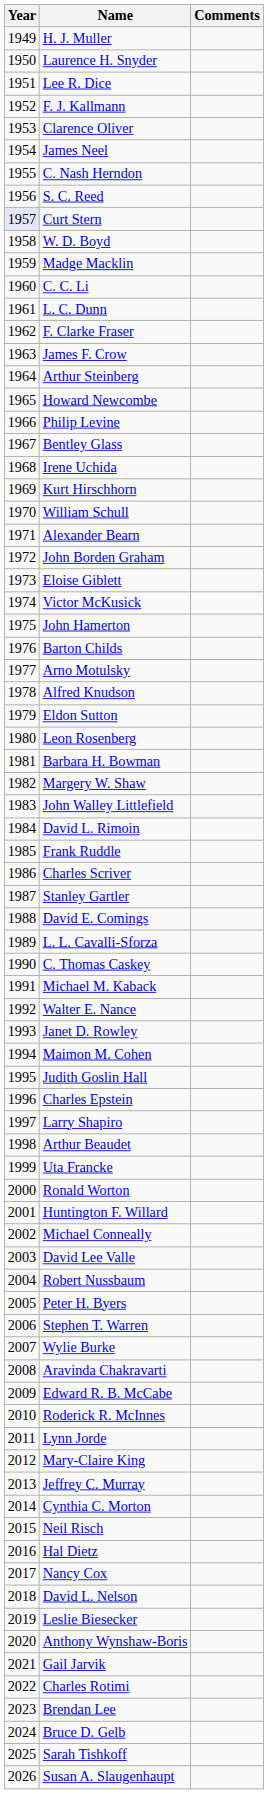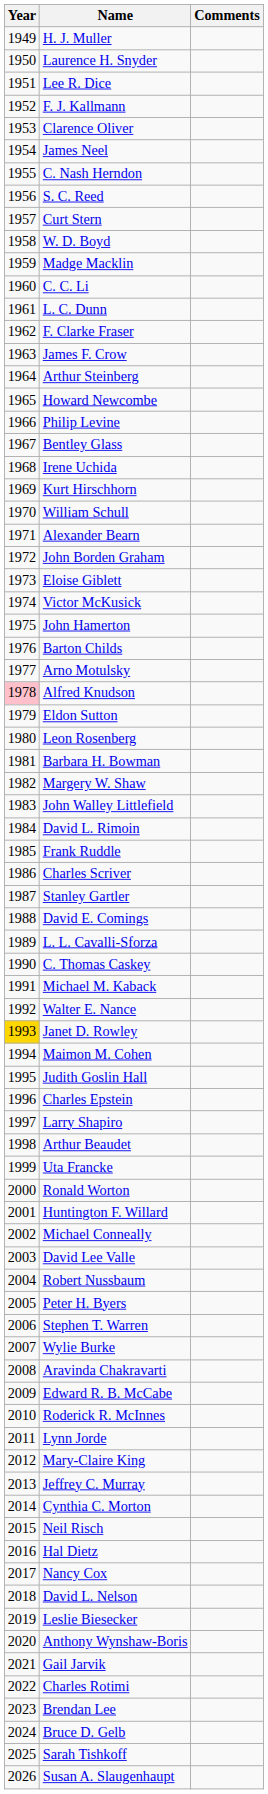 <table class="wikitable">
 <tr>
 <th>Year</th>
 <th>Name</th>
 <th>Comments</th>
 </tr>
 <tr>
 <td>1949</td>
 <td><a href='#'>H. J. Muller</a></td>
 <td></td>
 </tr>
 <tr>
 <td>1950</td>
 <td><a href='#'>Laurence H. Snyder</a></td>
 <td></td>
 </tr>
 <tr>
 <td>1951</td>
 <td><a href='#'>Lee R. Dice</a></td>
 <td></td>
 </tr>
 <tr>
 <td>1952</td>
 <td><a href='#'>F. J. Kallmann</a></td>
 <td></td>
 </tr>
 <tr>
 <td>1953</td>
 <td><a href='#'>Clarence Oliver</a></td>
 <td></td>
 </tr>
 <tr>
 <td>1954</td>
 <td><a href='#'>James Neel</a></td>
 <td></td>
 </tr>
 <tr>
 <td>1955</td>
 <td><a href='#'>C. Nash Herndon</a></td>
 <td></td>
 </tr>
 <tr>
 <td>1956</td>
 <td><a href='#'>S. C. Reed</a></td>
 <td></td>
 </tr>
 <tr>
-<td style="background: lavender;">1957</td>
+<td>1957</td>
 <td><a href='#'>Curt Stern</a></td>
 <td></td>
 </tr>
 <tr>
 <td>1958</td>
 <td><a href='#'>W. D. Boyd</a></td>
 <td></td>
 </tr>
 <tr>
 <td>1959</td>
 <td><a href='#'>Madge Macklin</a></td>
 <td></td>
 </tr>
 <tr>
 <td>1960</td>
 <td><a href='#'>C. C. Li</a></td>
 <td></td>
 </tr>
 <tr>
 <td>1961</td>
 <td><a href='#'>L. C. Dunn</a></td>
 <td></td>
 </tr>
 <tr>
 <td>1962</td>
 <td><a href='#'>F. Clarke Fraser</a></td>
 <td></td>
 </tr>
 <tr>
 <td>1963</td>
 <td><a href='#'>James F. Crow</a></td>
 <td></td>
 </tr>
 <tr>
 <td>1964</td>
 <td><a href='#'>Arthur Steinberg</a></td>
 <td></td>
 </tr>
 <tr>
 <td>1965</td>
 <td><a href='#'>Howard Newcombe</a></td>
 <td></td>
 </tr>
 <tr>
 <td>1966</td>
 <td><a href='#'>Philip Levine</a></td>
 <td></td>
 </tr>
 <tr>
 <td>1967</td>
 <td><a href='#'>Bentley Glass</a></td>
 <td></td>
 </tr>
 <tr>
 <td>1968</td>
 <td><a href='#'>Irene Uchida</a></td>
 <td></td>
 </tr>
 <tr>
 <td>1969</td>
 <td><a href='#'>Kurt Hirschhorn</a></td>
 <td></td>
 </tr>
 <tr>
 <td>1970</td>
 <td><a href='#'>William Schull</a></td>
 <td></td>
 </tr>
 <tr>
 <td>1971</td>
 <td><a href='#'>Alexander Bearn</a></td>
 <td></td>
 </tr>
 <tr>
 <td>1972</td>
 <td><a href='#'>John Borden Graham</a></td>
 <td></td>
 </tr>
 <tr>
 <td>1973</td>
 <td><a href='#'>Eloise Giblett</a></td>
 <td></td>
 </tr>
 <tr>
 <td>1974</td>
 <td><a href='#'>Victor McKusick</a></td>
 <td></td>
 </tr>
 <tr>
 <td>1975</td>
 <td><a href='#'>John Hamerton</a></td>
 <td></td>
 </tr>
 <tr>
 <td>1976</td>
 <td><a href='#'>Barton Childs</a></td>
 <td></td>
 </tr>
 <tr>
 <td>1977</td>
 <td><a href='#'>Arno Motulsky</a></td>
 <td></td>
 </tr>
 <tr>
-<td>1978</td>
+<td style="background: pink;">1978</td>
 <td><a href='#'>Alfred Knudson</a></td>
 <td></td>
 </tr>
 <tr>
 <td>1979</td>
 <td><a href='#'>Eldon Sutton</a></td>
 <td></td>
 </tr>
 <tr>
 <td>1980</td>
 <td><a href='#'>Leon Rosenberg</a></td>
 <td></td>
 </tr>
 <tr>
 <td>1981</td>
 <td><a href='#'>Barbara H. Bowman</a></td>
 <td></td>
 </tr>
 <tr>
 <td>1982</td>
 <td><a href='#'>Margery W. Shaw</a></td>
 <td></td>
 </tr>
 <tr>
 <td>1983</td>
 <td><a href='#'>John Walley Littlefield</a></td>
 <td></td>
 </tr>
 <tr>
 <td>1984</td>
 <td><a href='#'>David L. Rimoin</a></td>
 <td></td>
 </tr>
 <tr>
 <td>1985</td>
 <td><a href='#'>Frank Ruddle</a></td>
 <td></td>
 </tr>
 <tr>
 <td>1986</td>
 <td><a href='#'>Charles Scriver</a></td>
 <td></td>
 </tr>
 <tr>
 <td>1987</td>
 <td><a href='#'>Stanley Gartler</a></td>
 <td></td>
 </tr>
 <tr>
 <td>1988</td>
 <td><a href='#'>David E. Comings</a></td>
 <td></td>
 </tr>
 <tr>
 <td>1989</td>
 <td><a href='#'>L. L. Cavalli-Sforza</a></td>
 <td></td>
 </tr>
 <tr>
 <td>1990</td>
 <td><a href='#'>C. Thomas Caskey</a></td>
 <td></td>
 </tr>
 <tr>
 <td>1991</td>
 <td><a href='#'>Michael M. Kaback</a></td>
 <td></td>
 </tr>
 <tr>
 <td>1992</td>
 <td><a href='#'>Walter E. Nance</a></td>
 <td></td>
 </tr>
 <tr>
-<td>1993</td>
+<td style="background: gold;">1993</td>
 <td><a href='#'>Janet D. Rowley</a></td>
 <td></td>
 </tr>
 <tr>
 <td>1994</td>
 <td><a href='#'>Maimon M. Cohen</a></td>
 <td></td>
 </tr>
 <tr>
 <td>1995</td>
 <td><a href='#'>Judith Goslin Hall</a></td>
 <td></td>
 </tr>
 <tr>
 <td>1996</td>
 <td><a href='#'>Charles Epstein</a></td>
 <td></td>
 </tr>
 <tr>
 <td>1997</td>
 <td><a href='#'>Larry Shapiro</a></td>
 <td></td>
 </tr>
 <tr>
 <td>1998</td>
 <td><a href='#'>Arthur Beaudet</a></td>
 <td></td>
 </tr>
 <tr>
 <td>1999</td>
 <td><a href='#'>Uta Francke</a></td>
 <td></td>
 </tr>
 <tr>
 <td>2000</td>
 <td><a href='#'>Ronald Worton</a></td>
 <td></td>
 </tr>
 <tr>
 <td>2001</td>
 <td><a href='#'>Huntington F. Willard</a></td>
 <td></td>
 </tr>
 <tr>
 <td>2002</td>
 <td><a href='#'>Michael Conneally</a></td>
 <td></td>
 </tr>
 <tr>
 <td>2003</td>
 <td><a href='#'>David Lee Valle</a></td>
 <td></td>
 </tr>
 <tr>
 <td>2004</td>
 <td><a href='#'>Robert Nussbaum</a></td>
 <td></td>
 </tr>
 <tr>
 <td>2005</td>
 <td><a href='#'>Peter H. Byers</a></td>
 <td></td>
 </tr>
 <tr>
 <td>2006</td>
 <td><a href='#'>Stephen T. Warren</a></td>
 <td></td>
 </tr>
 <tr>
 <td>2007</td>
 <td><a href='#'>Wylie Burke</a></td>
 <td></td>
 </tr>
 <tr>
 <td>2008</td>
 <td><a href='#'>Aravinda Chakravarti</a></td>
 <td></td>
 </tr>
 <tr>
 <td>2009</td>
 <td><a href='#'>Edward R. B. McCabe</a></td>
 <td></td>
 </tr>
 <tr>
 <td>2010</td>
 <td><a href='#'>Roderick R. McInnes</a></td>
 <td></td>
 </tr>
 <tr>
 <td>2011</td>
 <td><a href='#'>Lynn Jorde</a></td>
 <td></td>
 </tr>
 <tr>
 <td>2012</td>
 <td><a href='#'>Mary-Claire King</a></td>
 <td></td>
 </tr>
 <tr>
 <td>2013</td>
 <td><a href='#'>Jeffrey C. Murray</a></td>
 <td></td>
 </tr>
 <tr>
 <td>2014</td>
 <td><a href='#'>Cynthia C. Morton</a></td>
 <td></td>
 </tr>
 <tr>
 <td>2015</td>
 <td><a href='#'>Neil Risch</a></td>
 <td></td>
 </tr>
 <tr>
 <td>2016</td>
 <td><a href='#'>Hal Dietz</a></td>
 <td></td>
 </tr>
 <tr>
 <td>2017</td>
 <td><a href='#'>Nancy Cox</a></td>
 <td></td>
 </tr>
 <tr>
 <td>2018</td>
 <td><a href='#'>David L. Nelson</a></td>
 <td></td>
 </tr>
 <tr>
 <td>2019</td>
 <td><a href='#'>Leslie Biesecker</a></td>
 <td></td>
 </tr>
 <tr>
 <td>2020</td>
 <td><a href='#'>Anthony Wynshaw-Boris</a></td>
 <td></td>
 </tr>
 <tr>
 <td>2021</td>
 <td><a href='#'>Gail Jarvik</a></td>
 <td></td>
 </tr>
 <tr>
 <td>2022</td>
 <td><a href='#'>Charles Rotimi</a></td>
 <td></td>
 </tr>
 <tr>
 <td>2023</td>
 <td><a href='#'>Brendan Lee</a></td>
 <td></td>
 </tr>
 <tr>
 <td>2024</td>
 <td><a href='#'>Bruce D. Gelb</a></td>
 <td></td>
 </tr>
 <tr>
 <td>2025</td>
 <td><a href='#'>Sarah Tishkoff</a></td>
 <td></td>
 </tr>
 <tr>
 <td>2026</td>
 <td><a href='#'>Susan A. Slaugenhaupt</a></td>
 <td></td>
 </tr>
 </table>
